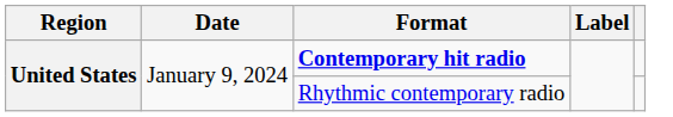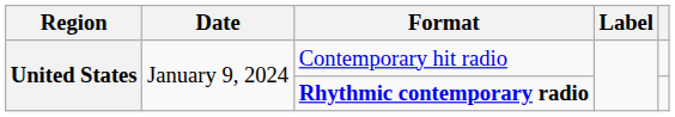 <table class="wikitable plainrowheaders">
 <tr>
 <th scope="col">Region</th>
 <th scope="col">Date</th>
 <th scope="col">Format</th>
 <th scope="col">Label</th>
 <th scope="col"></th>
 </tr>
 <tr>
 <th scope="row" rowspan="2">United States</th>
 <td rowspan="2">January 9, 2024</td>
-<td><strong><a href='#'>Contemporary hit radio</a></strong></td>
+<td><a href='#'>Contemporary hit radio</a></td>
 <td rowspan="2"></td>
 <td style="text-align:center;"></td>
 </tr>
 <tr>
-<td><a href='#'>Rhythmic contemporary</a> radio</td>
+<td><strong><a href='#'>Rhythmic contemporary</a> radio</strong></td>
 <td style="text-align:center;"></td>
 </tr>
 </table>
